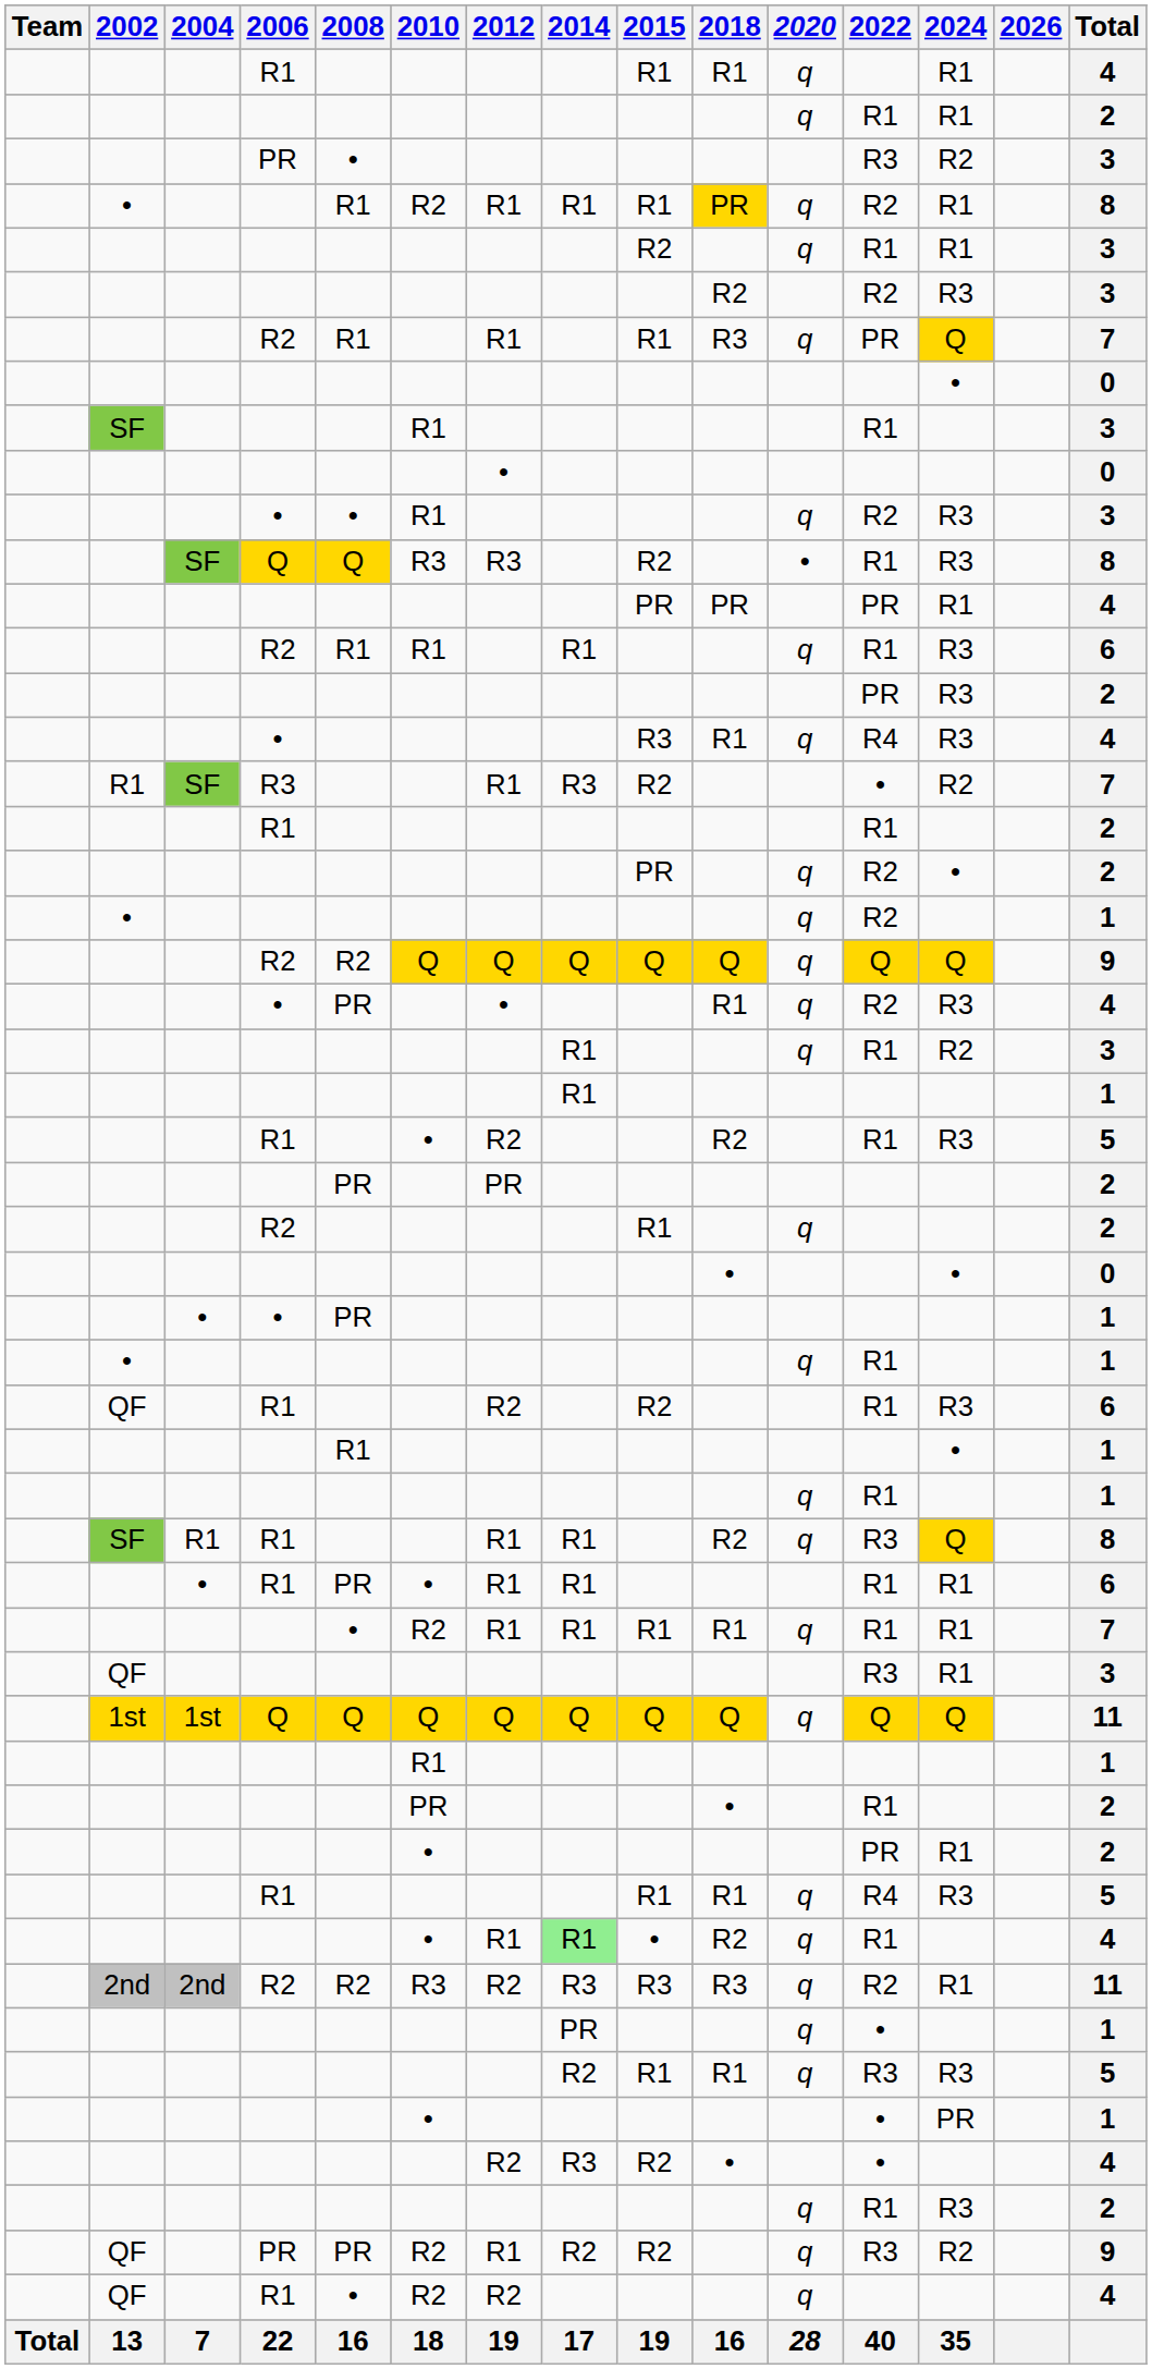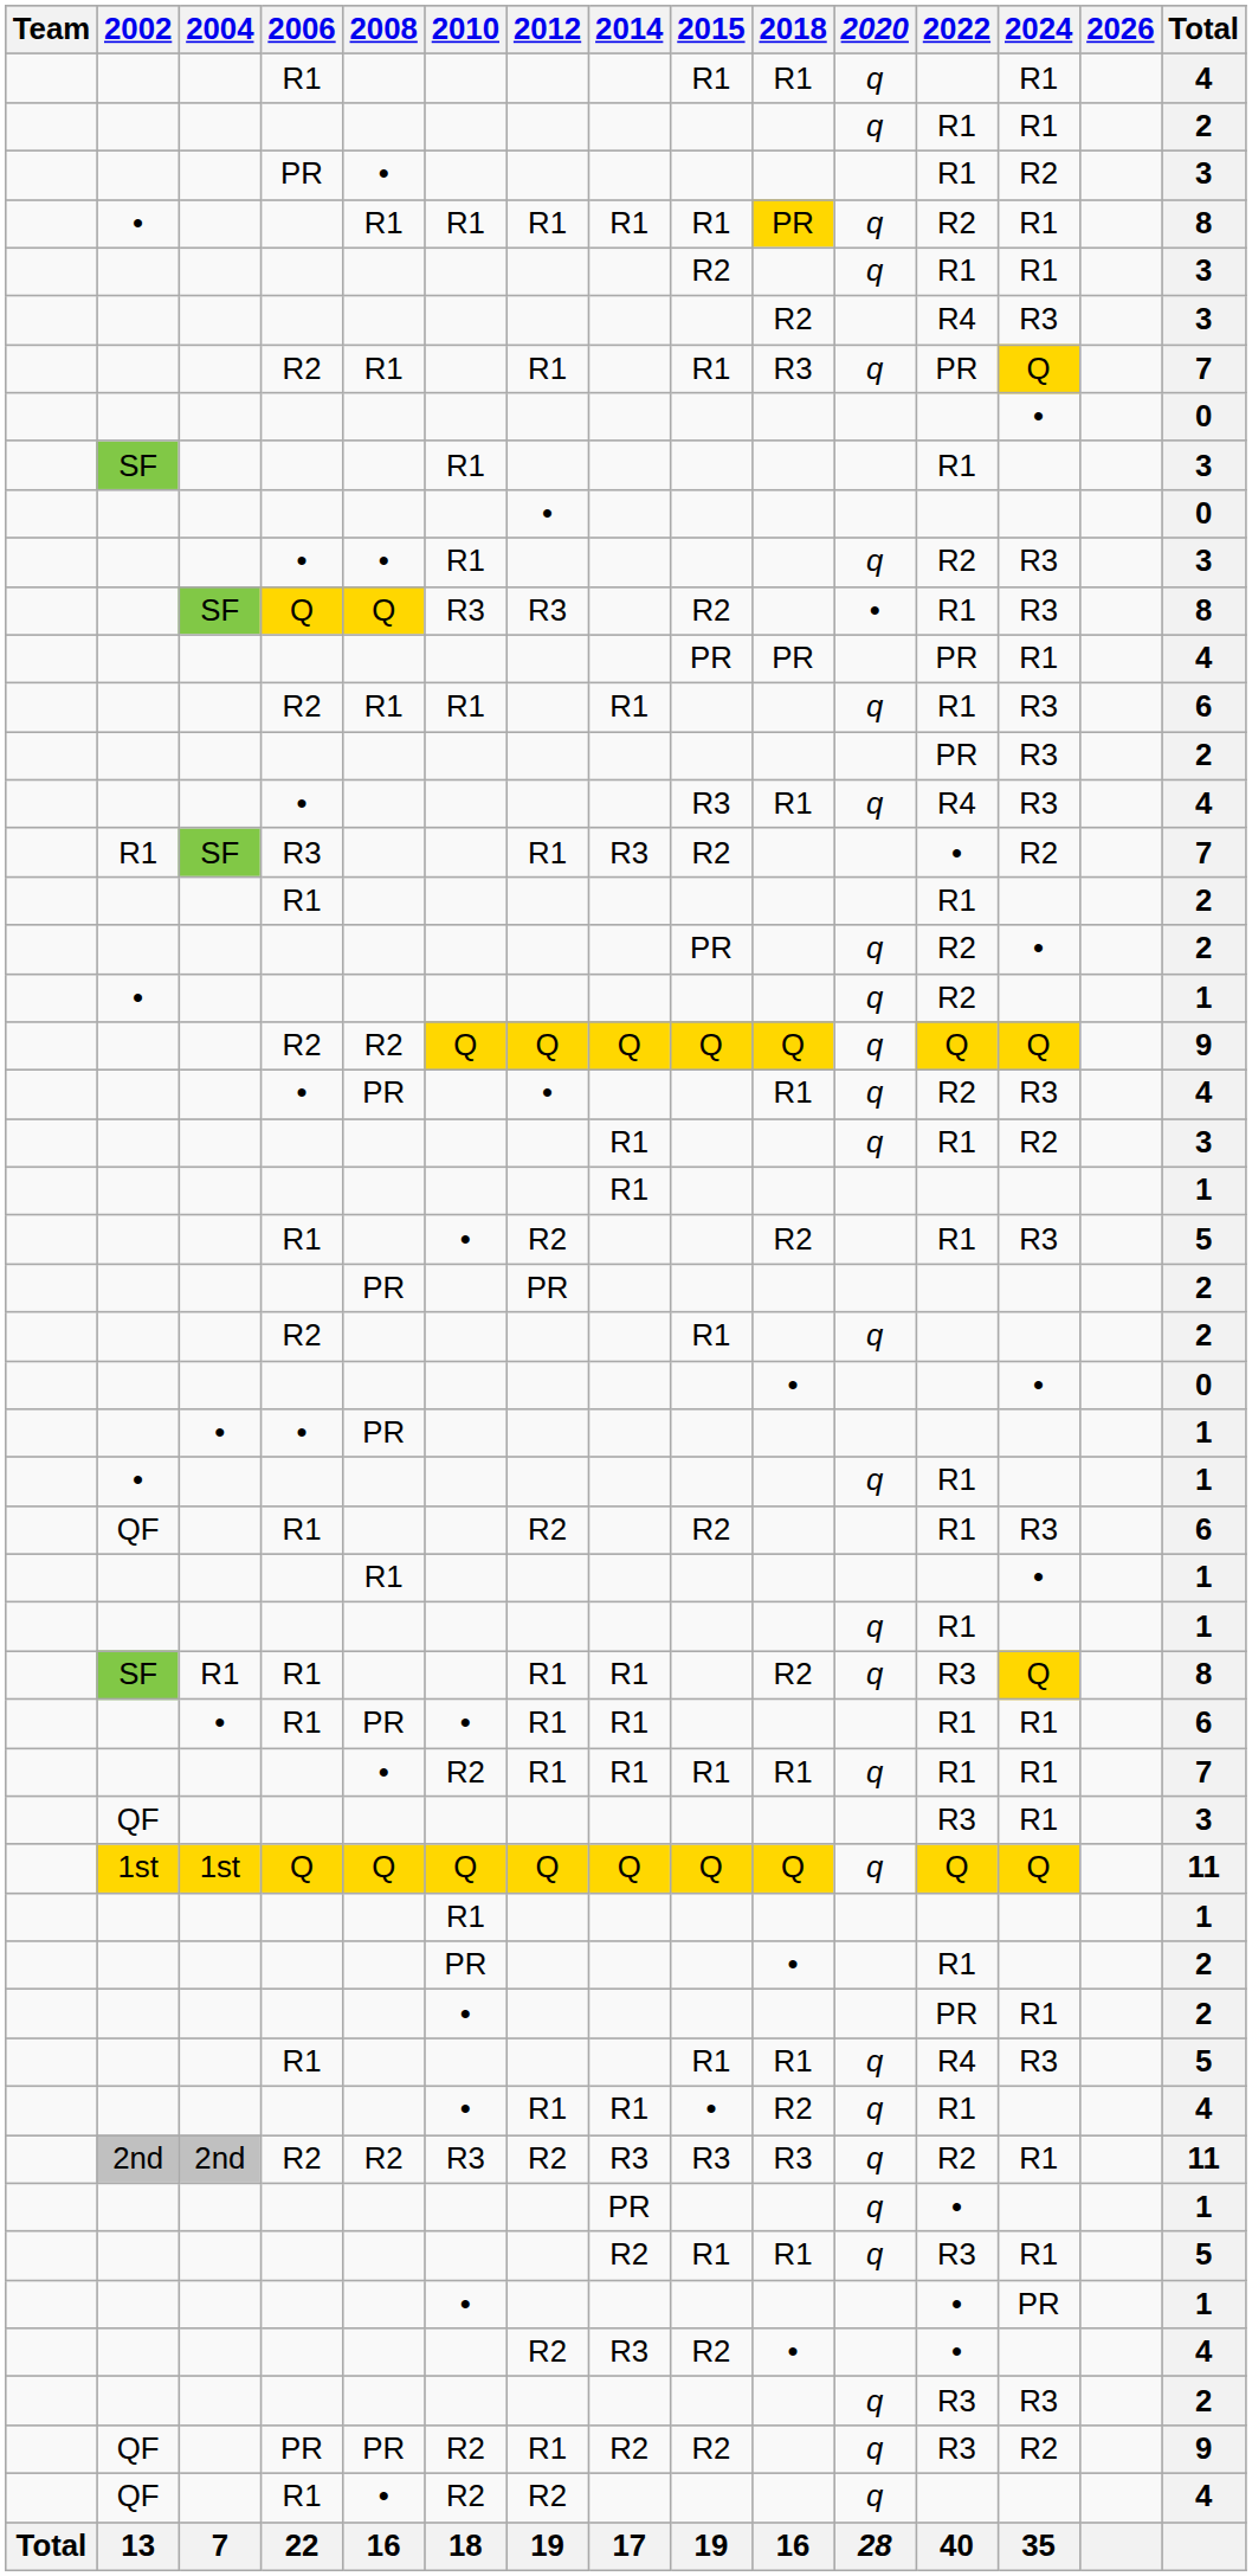 <table class="wikitable">
 <tr style="background:#cccccc;" align=center>
 <th>Team</th>
 <th><a href='#'>2002</a></th>
 <th><a href='#'>2004</a></th>
 <th><a href='#'>2006</a></th>
 <th><a href='#'>2008</a></th>
 <th><a href='#'>2010</a></th>
 <th><a href='#'>2012</a></th>
 <th><a href='#'>2014</a></th>
 <th><a href='#'>2015</a></th>
 <th><a href='#'>2018</a></th>
 <th><em><a href='#'>2020</a></em></th>
 <th><a href='#'>2022</a></th>
 <th><a href='#'>2024</a></th>
 <th><a href='#'>2026</a></th>
 <th>Total</th>
 </tr>
 <tr align=center>
 <td align=left></td>
 <td></td>
 <td></td>
 <td>R1</td>
 <td></td>
 <td></td>
 <td></td>
 <td></td>
 <td>R1</td>
 <td>R1</td>
 <td><em>q</em></td>
 <td></td>
 <td>R1</td>
 <td></td>
 <th>4</th>
 </tr>
 <tr align=center>
 <td align=left></td>
 <td></td>
 <td></td>
 <td></td>
 <td></td>
 <td></td>
 <td></td>
 <td></td>
 <td></td>
 <td></td>
 <td><em>q</em></td>
 <td>R1</td>
 <td>R1</td>
 <td></td>
 <th>2</th>
 </tr>
 <tr align=center>
 <td align=left></td>
 <td></td>
 <td></td>
 <td>PR</td>
 <td>•</td>
 <td></td>
 <td></td>
 <td></td>
 <td></td>
 <td></td>
 <td></td>
-<td>R3</td>
+<td>R1</td>
 <td>R2</td>
 <td></td>
 <th>3</th>
 </tr>
 <tr align=center>
 <td align=left></td>
 <td>•</td>
 <td></td>
 <td></td>
 <td>R1</td>
-<td>R2</td>
+<td>R1</td>
 <td>R1</td>
 <td>R1</td>
 <td>R1</td>
 <td style="background: gold;">PR</td>
 <td><em>q</em></td>
 <td>R2</td>
 <td>R1</td>
 <td></td>
 <th>8</th>
 </tr>
 <tr align=center>
 <td align=left></td>
 <td></td>
 <td></td>
 <td></td>
 <td></td>
 <td></td>
 <td></td>
 <td></td>
 <td>R2</td>
 <td></td>
 <td><em>q</em></td>
 <td>R1</td>
 <td>R1</td>
 <td></td>
 <th>3</th>
 </tr>
 <tr align=center>
 <td align=left></td>
 <td></td>
 <td></td>
 <td></td>
 <td></td>
 <td></td>
 <td></td>
 <td></td>
 <td></td>
 <td>R2</td>
 <td></td>
-<td>R2</td>
+<td>R4</td>
 <td>R3</td>
 <td></td>
 <th>3</th>
 </tr>
 <tr align=center>
 <td align=left></td>
 <td></td>
 <td></td>
 <td>R2</td>
 <td>R1</td>
 <td></td>
 <td>R1</td>
 <td></td>
 <td>R1</td>
 <td>R3</td>
 <td><em>q</em></td>
 <td>PR</td>
 <td bgcolor=gold>Q</td>
 <td></td>
 <th>7</th>
 </tr>
 <tr align=center>
 <td align=left></td>
 <td></td>
 <td></td>
 <td></td>
 <td></td>
 <td></td>
 <td></td>
 <td></td>
 <td></td>
 <td></td>
 <td></td>
 <td></td>
 <td>•</td>
 <td></td>
 <th>0</th>
 </tr>
 <tr align=center>
 <td align=left></td>
 <td style="background:#81c846">SF</td>
 <td></td>
 <td></td>
 <td></td>
 <td>R1</td>
 <td></td>
 <td></td>
 <td></td>
 <td></td>
 <td></td>
 <td>R1</td>
 <td></td>
 <td></td>
 <th>3</th>
 </tr>
 <tr align=center>
 <td align=left></td>
 <td></td>
 <td></td>
 <td></td>
 <td></td>
 <td></td>
 <td>•</td>
 <td></td>
 <td></td>
 <td></td>
 <td></td>
 <td></td>
 <td></td>
 <td></td>
 <th>0</th>
 </tr>
 <tr align=center>
 <td align=left></td>
 <td></td>
 <td></td>
 <td>•</td>
 <td>•</td>
 <td>R1</td>
 <td></td>
 <td></td>
 <td></td>
 <td></td>
 <td><em>q</em></td>
 <td>R2</td>
 <td>R3</td>
 <td></td>
 <th>3</th>
 </tr>
 <tr align=center>
 <td align=left></td>
 <td></td>
 <td style="background:#81c846">SF</td>
 <td bgcolor=gold>Q</td>
 <td bgcolor=gold>Q</td>
 <td>R3</td>
 <td>R3</td>
 <td></td>
 <td>R2</td>
 <td></td>
 <td>•</td>
 <td>R1</td>
 <td>R3</td>
 <td></td>
 <th>8</th>
 </tr>
 <tr align=center>
 <td align=left></td>
 <td></td>
 <td></td>
 <td></td>
 <td></td>
 <td></td>
 <td></td>
 <td></td>
 <td>PR</td>
 <td>PR</td>
 <td></td>
 <td>PR</td>
 <td>R1</td>
 <td></td>
 <th>4</th>
 </tr>
 <tr align=center>
 <td align=left></td>
 <td></td>
 <td></td>
 <td>R2</td>
 <td>R1</td>
 <td>R1</td>
 <td></td>
 <td>R1</td>
 <td></td>
 <td></td>
 <td><em>q</em></td>
 <td>R1</td>
 <td>R3</td>
 <td></td>
 <th>6</th>
 </tr>
 <tr align=center>
 <td align=left></td>
 <td></td>
 <td></td>
 <td></td>
 <td></td>
 <td></td>
 <td></td>
 <td></td>
 <td></td>
 <td></td>
 <td></td>
 <td>PR</td>
 <td>R3</td>
 <td></td>
 <th>2</th>
 </tr>
 <tr align=center>
 <td align=left></td>
 <td></td>
 <td></td>
 <td>•</td>
 <td></td>
 <td></td>
 <td></td>
 <td></td>
 <td>R3</td>
 <td>R1</td>
 <td><em>q</em></td>
 <td>R4</td>
 <td>R3</td>
 <td></td>
 <th>4</th>
 </tr>
 <tr align=center>
 <td align=left></td>
 <td>R1</td>
 <td style="background:#81c846">SF</td>
 <td>R3</td>
 <td></td>
 <td></td>
 <td>R1</td>
 <td>R3</td>
 <td>R2</td>
 <td></td>
 <td></td>
 <td>•</td>
 <td>R2</td>
 <td></td>
 <th>7</th>
 </tr>
 <tr align=center>
 <td align=left></td>
 <td></td>
 <td></td>
 <td>R1</td>
 <td></td>
 <td></td>
 <td></td>
 <td></td>
 <td></td>
 <td></td>
 <td></td>
 <td>R1</td>
 <td></td>
 <td></td>
 <th>2</th>
 </tr>
 <tr align=center>
 <td align=left></td>
 <td></td>
 <td></td>
 <td></td>
 <td></td>
 <td></td>
 <td></td>
 <td></td>
 <td>PR</td>
 <td></td>
 <td><em>q</em></td>
 <td>R2</td>
 <td>•</td>
 <td></td>
 <th>2</th>
 </tr>
 <tr align=center>
 <td align=left></td>
 <td>•</td>
 <td></td>
 <td></td>
 <td></td>
 <td></td>
 <td></td>
 <td></td>
 <td></td>
 <td></td>
 <td><em>q</em></td>
 <td>R2</td>
 <td></td>
 <td></td>
 <th>1</th>
 </tr>
 <tr align=center>
 <td align=left></td>
 <td></td>
 <td></td>
 <td>R2</td>
 <td>R2</td>
 <td bgcolor=gold>Q</td>
 <td bgcolor=gold>Q</td>
 <td bgcolor=gold>Q</td>
 <td bgcolor=gold>Q</td>
 <td bgcolor=gold>Q</td>
 <td><em>q</em></td>
 <td bgcolor=gold>Q</td>
 <td bgcolor=gold>Q</td>
 <td></td>
 <th>9</th>
 </tr>
 <tr align=center>
 <td align=left></td>
 <td></td>
 <td></td>
 <td>•</td>
 <td>PR</td>
 <td></td>
 <td>•</td>
 <td></td>
 <td></td>
 <td>R1</td>
 <td><em>q</em></td>
 <td>R2</td>
 <td>R3</td>
 <td></td>
 <th>4</th>
 </tr>
 <tr align=center>
 <td align=left></td>
 <td></td>
 <td></td>
 <td></td>
 <td></td>
 <td></td>
 <td></td>
 <td>R1</td>
 <td></td>
 <td></td>
 <td><em>q</em></td>
 <td>R1</td>
 <td>R2</td>
 <td></td>
 <th>3</th>
 </tr>
 <tr align=center>
 <td align=left></td>
 <td></td>
 <td></td>
 <td></td>
 <td></td>
 <td></td>
 <td></td>
 <td>R1</td>
 <td></td>
 <td></td>
 <td></td>
 <td></td>
 <td></td>
 <td></td>
 <th>1</th>
 </tr>
 <tr align=center>
 <td align=left></td>
 <td></td>
 <td></td>
 <td>R1</td>
 <td></td>
 <td>•</td>
 <td>R2</td>
 <td></td>
 <td></td>
 <td>R2</td>
 <td></td>
 <td>R1</td>
 <td>R3</td>
 <td></td>
 <th>5</th>
 </tr>
 <tr align=center>
 <td align=left></td>
 <td></td>
 <td></td>
 <td></td>
 <td>PR</td>
 <td></td>
 <td>PR</td>
 <td></td>
 <td></td>
 <td></td>
 <td></td>
 <td></td>
 <td></td>
 <td></td>
 <th>2</th>
 </tr>
 <tr align=center>
 <td align=left></td>
 <td></td>
 <td></td>
 <td>R2</td>
 <td></td>
 <td></td>
 <td></td>
 <td></td>
 <td>R1</td>
 <td></td>
 <td><em>q</em></td>
 <td></td>
 <td></td>
 <td></td>
 <th>2</th>
 </tr>
 <tr align=center>
 <td align=left></td>
 <td></td>
 <td></td>
 <td></td>
 <td></td>
 <td></td>
 <td></td>
 <td></td>
 <td></td>
 <td>•</td>
 <td></td>
 <td></td>
 <td>•</td>
 <td></td>
 <th>0</th>
 </tr>
 <tr align=center>
 <td align=left></td>
 <td></td>
 <td>•</td>
 <td>•</td>
 <td>PR</td>
 <td></td>
 <td></td>
 <td></td>
 <td></td>
 <td></td>
 <td></td>
 <td></td>
 <td></td>
 <td></td>
 <th>1</th>
 </tr>
 <tr align=center>
 <td align=left></td>
 <td>•</td>
 <td></td>
 <td></td>
 <td></td>
 <td></td>
 <td></td>
 <td></td>
 <td></td>
 <td></td>
 <td><em>q</em></td>
 <td>R1</td>
 <td></td>
 <td></td>
 <th>1</th>
 </tr>
 <tr align=center>
 <td align=left></td>
 <td>QF</td>
 <td></td>
 <td>R1</td>
 <td></td>
 <td></td>
 <td>R2</td>
 <td></td>
 <td>R2</td>
 <td></td>
 <td></td>
 <td>R1</td>
 <td>R3</td>
 <td></td>
 <th>6</th>
 </tr>
 <tr align=center>
 <td align=left></td>
 <td></td>
 <td></td>
 <td></td>
 <td>R1</td>
 <td></td>
 <td></td>
 <td></td>
 <td></td>
 <td></td>
 <td></td>
 <td></td>
 <td>•</td>
 <td></td>
 <th>1</th>
 </tr>
 <tr align=center>
 <td align=left></td>
 <td></td>
 <td></td>
 <td></td>
 <td></td>
 <td></td>
 <td></td>
 <td></td>
 <td></td>
 <td></td>
 <td><em>q</em></td>
 <td>R1</td>
 <td></td>
 <td></td>
 <th>1</th>
 </tr>
 <tr align=center>
 <td align=left></td>
 <td style="background:#81c846">SF</td>
 <td>R1</td>
 <td>R1</td>
 <td></td>
 <td></td>
 <td>R1</td>
 <td>R1</td>
 <td></td>
 <td>R2</td>
 <td><em>q</em></td>
 <td>R3</td>
 <td bgcolor=gold>Q</td>
 <td></td>
 <th>8</th>
 </tr>
 <tr align=center>
 <td align=left></td>
 <td></td>
 <td>•</td>
 <td>R1</td>
 <td>PR</td>
 <td>•</td>
 <td>R1</td>
 <td>R1</td>
 <td></td>
 <td></td>
 <td></td>
 <td>R1</td>
 <td>R1</td>
 <td></td>
 <th>6</th>
 </tr>
 <tr align=center>
 <td align=left></td>
 <td></td>
 <td></td>
 <td></td>
 <td>•</td>
 <td>R2</td>
 <td>R1</td>
 <td>R1</td>
 <td>R1</td>
 <td>R1</td>
 <td><em>q</em></td>
 <td>R1</td>
 <td>R1</td>
 <td></td>
 <th>7</th>
 </tr>
 <tr align=center>
 <td align=left></td>
 <td>QF</td>
 <td></td>
 <td></td>
 <td></td>
 <td></td>
 <td></td>
 <td></td>
 <td></td>
 <td></td>
 <td></td>
 <td>R3</td>
 <td>R1</td>
 <td></td>
 <th>3</th>
 </tr>
 <tr align=center>
 <td align=left></td>
 <td bgcolor=gold>1st</td>
 <td bgcolor=gold>1st</td>
 <td bgcolor=gold>Q</td>
 <td bgcolor=gold>Q</td>
 <td bgcolor=gold>Q</td>
 <td bgcolor=gold>Q</td>
 <td bgcolor=gold>Q</td>
 <td bgcolor=gold>Q</td>
 <td bgcolor=gold>Q</td>
 <td><em>q</em></td>
 <td bgcolor=gold>Q</td>
 <td bgcolor=gold>Q</td>
 <td></td>
 <th>11</th>
 </tr>
 <tr align=center>
 <td align=left></td>
 <td></td>
 <td></td>
 <td></td>
 <td></td>
 <td>R1</td>
 <td></td>
 <td></td>
 <td></td>
 <td></td>
 <td></td>
 <td></td>
 <td></td>
 <td></td>
 <th>1</th>
 </tr>
 <tr align=center>
 <td align=left></td>
 <td></td>
 <td></td>
 <td></td>
 <td></td>
 <td>PR</td>
 <td></td>
 <td></td>
 <td></td>
 <td>•</td>
 <td></td>
 <td>R1</td>
 <td></td>
 <td></td>
 <th>2</th>
 </tr>
 <tr align=center>
 <td align=left></td>
 <td></td>
 <td></td>
 <td></td>
 <td></td>
 <td>•</td>
 <td></td>
 <td></td>
 <td></td>
 <td></td>
 <td></td>
 <td>PR</td>
 <td>R1</td>
 <td></td>
 <th>2</th>
 </tr>
 <tr align=center>
 <td align=left></td>
 <td></td>
 <td></td>
 <td>R1</td>
 <td></td>
 <td></td>
 <td></td>
 <td></td>
 <td>R1</td>
 <td>R1</td>
 <td><em>q</em></td>
 <td>R4</td>
 <td>R3</td>
 <td></td>
 <th>5</th>
 </tr>
 <tr align=center>
 <td align=left></td>
 <td></td>
 <td></td>
 <td></td>
 <td></td>
 <td>•</td>
 <td>R1</td>
-<td style="background: lightgreen;">R1</td>
+<td>R1</td>
 <td>•</td>
 <td>R2</td>
 <td><em>q</em></td>
 <td>R1</td>
 <td></td>
 <td></td>
 <th>4</th>
 </tr>
 <tr align=center>
 <td align=left></td>
 <td bgcolor=silver>2nd</td>
 <td bgcolor=silver>2nd</td>
 <td>R2</td>
 <td>R2</td>
 <td>R3</td>
 <td>R2</td>
 <td>R3</td>
 <td>R3</td>
 <td>R3</td>
 <td><em>q</em></td>
 <td>R2</td>
 <td>R1</td>
 <td></td>
 <th>11</th>
 </tr>
 <tr align=center>
 <td align=left></td>
 <td></td>
 <td></td>
 <td></td>
 <td></td>
 <td></td>
 <td></td>
 <td>PR</td>
 <td></td>
 <td></td>
 <td><em>q</em></td>
 <td>•</td>
 <td></td>
 <td></td>
 <th>1</th>
 </tr>
 <tr align=center>
 <td align=left></td>
 <td></td>
 <td></td>
 <td></td>
 <td></td>
 <td></td>
 <td></td>
 <td>R2</td>
 <td>R1</td>
 <td>R1</td>
 <td><em>q</em></td>
 <td>R3</td>
-<td>R3</td>
+<td>R1</td>
 <td></td>
 <th>5</th>
 </tr>
 <tr align=center>
 <td align=left></td>
 <td></td>
 <td></td>
 <td></td>
 <td></td>
 <td>•</td>
 <td></td>
 <td></td>
 <td></td>
 <td></td>
 <td></td>
 <td>•</td>
 <td>PR</td>
 <td></td>
 <th>1</th>
 </tr>
 <tr align=center>
 <td align=left></td>
 <td></td>
 <td></td>
 <td></td>
 <td></td>
 <td></td>
 <td>R2</td>
 <td>R3</td>
 <td>R2</td>
 <td>•</td>
 <td></td>
 <td>•</td>
 <td></td>
 <td></td>
 <th>4</th>
 </tr>
 <tr align=center>
 <td align=left></td>
 <td></td>
 <td></td>
 <td></td>
 <td></td>
 <td></td>
 <td></td>
 <td></td>
 <td></td>
 <td></td>
 <td><em>q</em></td>
-<td>R1</td>
+<td>R3</td>
 <td>R3</td>
 <td></td>
 <th>2</th>
 </tr>
 <tr align=center>
 <td align=left></td>
 <td>QF</td>
 <td></td>
 <td>PR</td>
 <td>PR</td>
 <td>R2</td>
 <td>R1</td>
 <td>R2</td>
 <td>R2</td>
 <td></td>
 <td><em>q</em></td>
 <td>R3</td>
 <td>R2</td>
 <td></td>
 <th>9</th>
 </tr>
 <tr align=center>
 <td align=left></td>
 <td>QF</td>
 <td></td>
 <td>R1</td>
 <td>•</td>
 <td>R2</td>
 <td>R2</td>
 <td></td>
 <td></td>
 <td></td>
 <td><em>q</em></td>
 <td></td>
 <td></td>
 <td></td>
 <th>4</th>
 </tr>
 <tr>
 <th>Total</th>
 <th>13</th>
 <th>7</th>
 <th>22</th>
 <th>16</th>
 <th>18</th>
 <th>19</th>
 <th>17</th>
 <th>19</th>
 <th>16</th>
 <th><em>28</em></th>
 <th>40</th>
 <th>35</th>
 <th></th>
 <th></th>
 </tr>
 </table>
